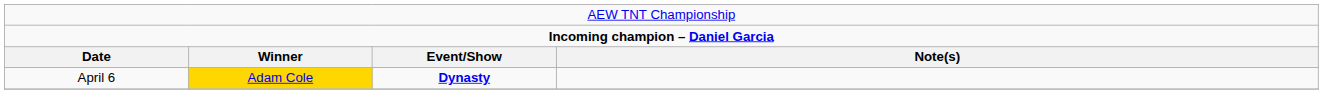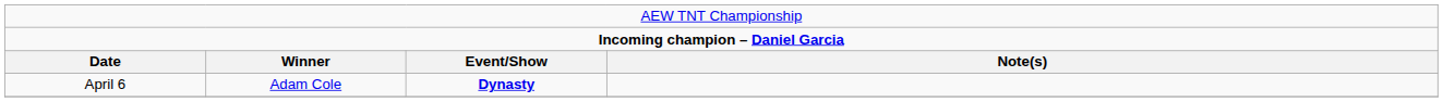 <table class="wikitable" style="text-align:center; width:100%;">
 <tr>
 <td colspan="4" style="text-align: center;"><a href='#'>AEW TNT Championship</a></td>
 </tr>
 <tr>
 <td colspan="4" style="text-align: center;"><strong>Incoming champion – <a href='#'>Daniel Garcia</a></strong></td>
 </tr>
 <tr>
 <th width="14%">Date</th>
 <th width="14%">Winner</th>
 <th width="14%">Event/Show</th>
 <th width="58%">Note(s)</th>
 </tr>
 <tr>
 <td>April 6</td>
-<td style="background: gold;"><a href='#'>Adam Cole</a></td>
+<td><a href='#'>Adam Cole</a></td>
 <td><strong><a href='#'>Dynasty</a></strong></td>
 <td></td>
 </tr>
 <tr>
 </tr>
 </table>
